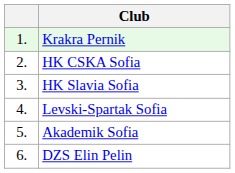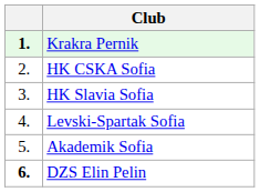 <table class="wikitable">
 <tr>
 <th width="30"></th>
 <th width="200">Club</th>
 </tr>
 <tr bgcolor="#e6fae6" align="center">
-<td>1.</td>
+<td><strong>1.</strong></td>
 <td align="left"><a href='#'>Krakra Pernik</a></td>
 </tr>
 <tr bgcolor="#FFFFFF" align="center">
 <td>2.</td>
 <td align="left"><a href='#'>HK CSKA Sofia</a></td>
 </tr>
 <tr bgcolor="#FFFFFF" align="center">
 <td>3.</td>
 <td align="left"><a href='#'>HK Slavia Sofia</a></td>
 </tr>
 <tr bgcolor="#FFFFFF" align="center">
 <td>4.</td>
 <td align="left"><a href='#'>Levski-Spartak Sofia</a></td>
 </tr>
 <tr bgcolor="#FFFFFF" align="center">
 <td>5.</td>
 <td align="left"><a href='#'>Akademik Sofia</a></td>
 </tr>
 <tr bgcolor="#FFFFFF" align="center">
-<td>6.</td>
+<td><strong>6.</strong></td>
 <td align="left"><a href='#'>DZS Elin Pelin</a></td>
 </tr>
 </table>
